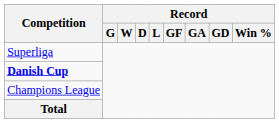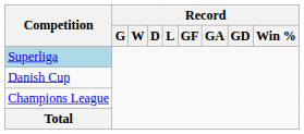 <table class="wikitable" style="text-align: center">
 <tr>
 <th rowspan="2">Competition</th>
 <th colspan="9">Record</th>
 </tr>
 <tr>
 <th>G</th>
 <th>W</th>
 <th>D</th>
 <th>L</th>
 <th>GF</th>
 <th>GA</th>
 <th>GD</th>
 <th>Win %</th>
 </tr>
 <tr>
-<td style="text-align: left"><a href='#'>Superliga</a><br></td>
+<td style="background: lightblue; text-align: left"><a href='#'>Superliga</a><br></td>
 </tr>
 <tr>
-<td style="text-align: left"><strong><a href='#'>Danish Cup</a><br></strong></td>
+<td style="text-align: left"><a href='#'>Danish Cup</a><br></td>
 </tr>
 <tr>
 <td style="text-align: left"><a href='#'>Champions League</a><br></td>
 </tr>
 <tr>
 <th>Total<br></th>
 </tr>
 </table>
